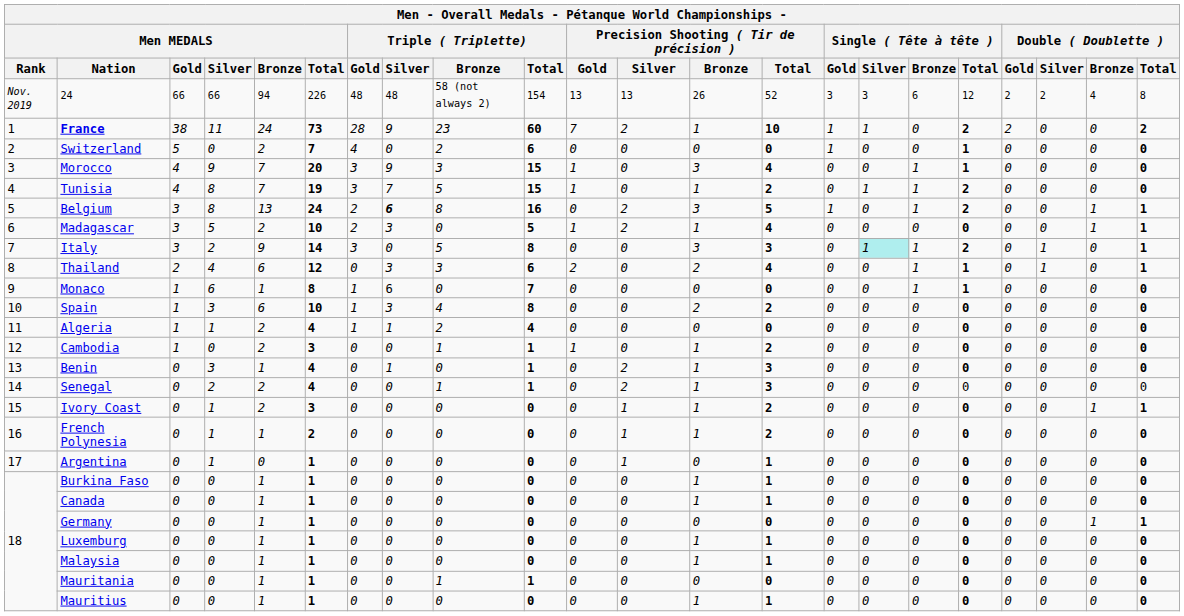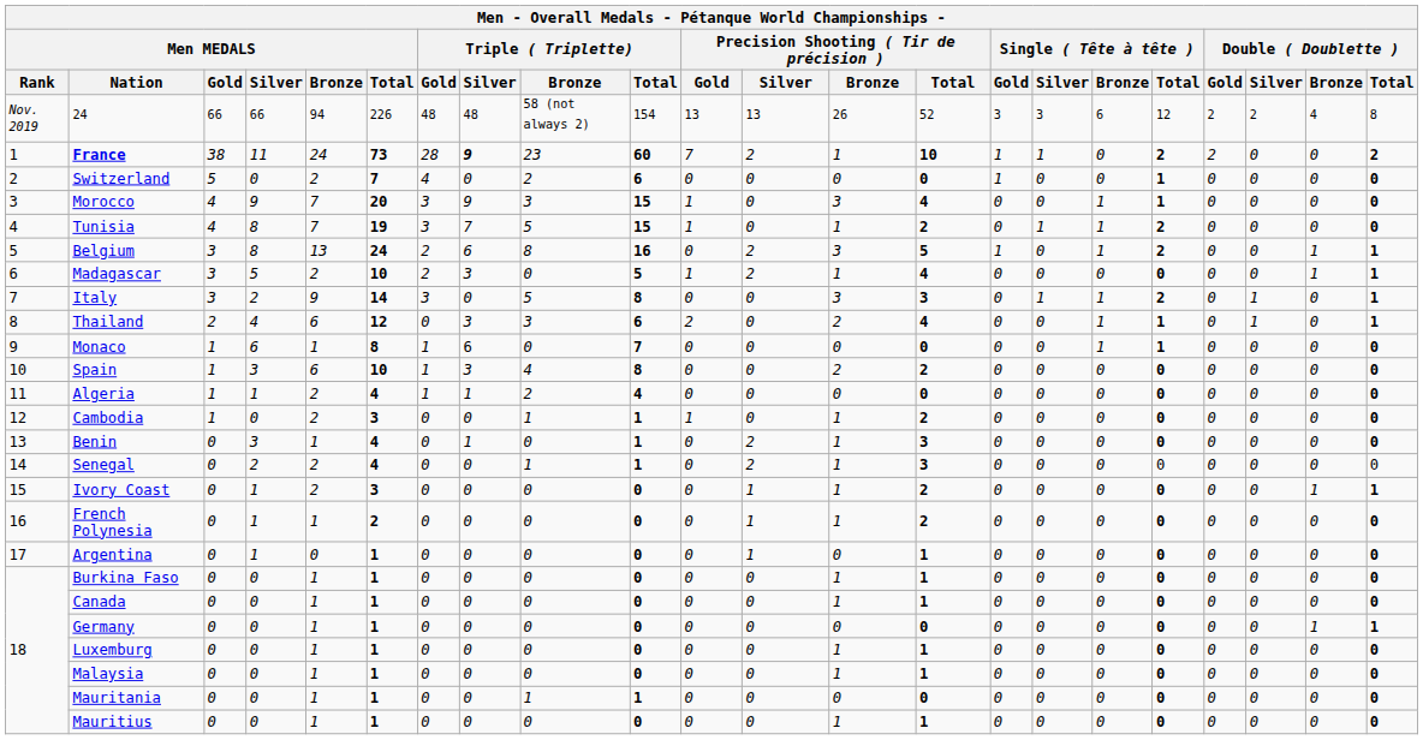 <table class="wikitable sortable">
 <tr>
 <th colspan="22">Men - Overall Medals - Pétanque World Championships -</th>
 </tr>
 <tr>
 <th colspan="6">Men MEDALS</th>
 <th colspan="4">Triple <em>( Triplette)</em></th>
 <th colspan="4">Precision Shooting <em>( Tir de précision )</em></th>
 <th colspan="4">Single <em>( Tête à tête )</em></th>
 <th colspan="4">Double <em>( Doublette )</em></th>
 </tr>
 <tr>
 <th>Rank</th>
 <th>Nation</th>
 <th>Gold<br></th>
 <th>Silver<br></th>
 <th>Bronze<br></th>
 <th>Total</th>
 <th>Gold<br></th>
 <th>Silver<br></th>
 <th>Bronze<br></th>
 <th>Total</th>
 <th>Gold<br></th>
 <th>Silver<br></th>
 <th>Bronze<br></th>
 <th>Total</th>
 <th>Gold<br></th>
 <th>Silver<br></th>
 <th>Bronze<br></th>
 <th>Total</th>
 <th>Gold<br></th>
 <th>Silver<br></th>
 <th>Bronze<br></th>
 <th>Total</th>
 </tr>
 <tr>
 <td><em><small>Nov. 2019</small></em></td>
 <td><sup>24</sup></td>
 <td><sup>66</sup></td>
 <td><sup>66</sup></td>
 <td><sup>94</sup></td>
 <td><sup>226</sup></td>
 <td><sup>48</sup></td>
 <td><sup>48</sup></td>
 <td><sup>58 (not always 2)</sup></td>
 <td><sup>154</sup></td>
 <td><sup>13</sup></td>
 <td><sup>13</sup></td>
 <td><sup>26</sup></td>
 <td><sup>52</sup></td>
 <td><sup>3</sup></td>
 <td><sup>3</sup></td>
 <td><sup>6</sup></td>
 <td><sup>12</sup></td>
 <td><sup>2</sup></td>
 <td><sup>2</sup></td>
 <td><sup>4</sup></td>
 <td><sup>8</sup></td>
 </tr>
 <tr>
 <td>1</td>
 <td> <strong><a href='#'>France</a></strong></td>
 <td><em>38</em></td>
 <td><em>11</em></td>
 <td><em>24</em></td>
 <td><strong>73</strong></td>
 <td><em>28</em></td>
-<td><em>9</em></td>
+<td><strong><em>9</em></strong></td>
 <td><em>23</em></td>
 <td><strong>60</strong></td>
 <td><em>7</em></td>
 <td><em>2</em></td>
 <td><em>1</em></td>
 <td><strong>10</strong></td>
 <td><em>1</em></td>
 <td><em>1</em></td>
 <td><em>0</em></td>
 <td><strong>2</strong></td>
 <td><em>2</em></td>
 <td><em>0</em></td>
 <td><em>0</em></td>
 <td><strong>2</strong></td>
 </tr>
 <tr>
 <td>2</td>
 <td> <a href='#'>Switzerland</a></td>
 <td><em>5</em></td>
 <td><em>0</em></td>
 <td><em>2</em></td>
 <td><strong>7</strong></td>
 <td><em>4</em></td>
 <td><em>0</em></td>
 <td><em>2</em></td>
 <td><strong>6</strong></td>
 <td><em>0</em></td>
 <td><em>0</em></td>
 <td><em>0</em></td>
 <td><strong>0</strong></td>
 <td><em>1</em></td>
 <td><em>0</em></td>
 <td><em>0</em></td>
 <td><strong>1</strong></td>
 <td><em>0</em></td>
 <td><em>0</em></td>
 <td><em>0</em></td>
 <td><strong>0</strong></td>
 </tr>
 <tr>
 <td>3</td>
 <td> <a href='#'>Morocco</a></td>
 <td><em>4</em></td>
 <td><em>9</em></td>
 <td><em>7</em></td>
 <td><strong>20</strong></td>
 <td><em>3</em></td>
 <td><em>9</em></td>
 <td><em>3</em></td>
 <td><strong>15</strong></td>
 <td><em>1</em></td>
 <td><em>0</em></td>
 <td><em>3</em></td>
 <td><strong>4</strong></td>
 <td><em>0</em></td>
 <td><em>0</em></td>
 <td><em>1</em></td>
 <td><strong>1</strong></td>
 <td><em>0</em></td>
 <td><em>0</em></td>
 <td><em>0</em></td>
 <td><strong>0</strong></td>
 </tr>
 <tr>
 <td>4</td>
 <td> <a href='#'>Tunisia</a></td>
 <td><em>4</em></td>
 <td><em>8</em></td>
 <td><em>7</em></td>
 <td><strong>19</strong></td>
 <td><em>3</em></td>
 <td><em>7</em></td>
 <td><em>5</em></td>
 <td><strong>15</strong></td>
 <td><em>1</em></td>
 <td><em>0</em></td>
 <td><em>1</em></td>
 <td><strong>2</strong></td>
 <td><em>0</em></td>
 <td><em>1</em></td>
 <td><em>1</em></td>
 <td><strong>2</strong></td>
 <td><em>0</em></td>
 <td><em>0</em></td>
 <td><em>0</em></td>
 <td><strong>0</strong></td>
 </tr>
 <tr>
 <td>5</td>
 <td> <a href='#'>Belgium</a></td>
 <td><em>3</em></td>
 <td><em>8</em></td>
 <td><em>13</em></td>
 <td><strong>24</strong></td>
 <td><em>2</em></td>
-<td><strong><em>6</em></strong></td>
+<td><em>6</em></td>
 <td><em>8</em></td>
 <td><strong>16</strong></td>
 <td><em>0</em></td>
 <td><em>2</em></td>
 <td><em>3</em></td>
 <td><strong>5</strong></td>
 <td><em>1</em></td>
 <td><em>0</em></td>
 <td><em>1</em></td>
 <td><strong>2</strong></td>
 <td><em>0</em></td>
 <td><em>0</em></td>
 <td><em>1</em></td>
 <td><strong>1</strong></td>
 </tr>
 <tr>
 <td>6</td>
 <td> <a href='#'>Madagascar</a></td>
 <td><em>3</em></td>
 <td><em>5</em></td>
 <td><em>2</em></td>
 <td><strong>10</strong></td>
 <td><em>2</em></td>
 <td><em>3</em></td>
 <td><em>0</em></td>
 <td><strong>5</strong></td>
 <td><em>1</em></td>
 <td><em>2</em></td>
 <td><em>1</em></td>
 <td><strong>4</strong></td>
 <td><em>0</em></td>
 <td><em>0</em></td>
 <td><em>0</em></td>
 <td><strong>0</strong></td>
 <td><em>0</em></td>
 <td><em>0</em></td>
 <td><em>1</em></td>
 <td><strong>1</strong></td>
 </tr>
 <tr>
 <td>7</td>
 <td> <a href='#'>Italy</a></td>
 <td><em>3</em></td>
 <td><em>2</em></td>
 <td><em>9</em></td>
 <td><strong>14</strong></td>
 <td><em>3</em></td>
 <td><em>0</em></td>
 <td><em>5</em></td>
 <td><strong>8</strong></td>
 <td><em>0</em></td>
 <td><em>0</em></td>
 <td><em>3</em></td>
 <td><strong>3</strong></td>
 <td><em>0</em></td>
-<td style="background: paleturquoise;"><em>1</em></td>
+<td><em>1</em></td>
 <td><em>1</em></td>
 <td><strong>2</strong></td>
 <td><em>0</em></td>
 <td><em>1</em></td>
 <td><em>0</em></td>
 <td><strong>1</strong></td>
 </tr>
 <tr>
 <td>8</td>
 <td> <a href='#'>Thailand</a></td>
 <td><em>2</em></td>
 <td><em>4</em></td>
 <td><em>6</em></td>
 <td><strong>12</strong></td>
 <td><em>0</em></td>
 <td><em>3</em></td>
 <td><em>3</em></td>
 <td><strong>6</strong></td>
 <td><em>2</em></td>
 <td><em>0</em></td>
 <td><em>2</em></td>
 <td><strong>4</strong></td>
 <td><em>0</em></td>
 <td><em>0</em></td>
 <td><em>1</em></td>
 <td><strong>1</strong></td>
 <td><em>0</em></td>
 <td><em>1</em></td>
 <td><em>0</em></td>
 <td><strong>1</strong></td>
 </tr>
 <tr>
 <td>9</td>
 <td> <a href='#'>Monaco</a></td>
 <td><em>1</em></td>
 <td><em>6</em></td>
 <td><em>1</em></td>
 <td><strong>8</strong></td>
 <td><em>1</em></td>
 <td>6</td>
 <td><em>0</em></td>
 <td><strong>7</strong></td>
 <td><em>0</em></td>
 <td><em>0</em></td>
 <td><em>0</em></td>
 <td><strong>0</strong></td>
 <td><em>0</em></td>
 <td><em>0</em></td>
 <td><em>1</em></td>
 <td><strong>1</strong></td>
 <td><em>0</em></td>
 <td><em>0</em></td>
 <td><em>0</em></td>
 <td><strong>0</strong></td>
 </tr>
 <tr>
 <td>10</td>
 <td> <a href='#'>Spain</a></td>
 <td><em>1</em></td>
 <td><em>3</em></td>
 <td><em>6</em></td>
 <td><strong>10</strong></td>
 <td><em>1</em></td>
 <td><em>3</em></td>
 <td><em>4</em></td>
 <td><strong>8</strong></td>
 <td><em>0</em></td>
 <td><em>0</em></td>
 <td><em>2</em></td>
 <td><strong>2</strong></td>
 <td><em>0</em></td>
 <td><em>0</em></td>
 <td><em>0</em></td>
 <td><strong>0</strong></td>
 <td><em>0</em></td>
 <td><em>0</em></td>
 <td><em>0</em></td>
 <td><strong>0</strong></td>
 </tr>
 <tr>
 <td>11</td>
 <td> <a href='#'>Algeria</a></td>
 <td><em>1</em></td>
 <td><em>1</em></td>
 <td><em>2</em></td>
 <td><strong>4</strong></td>
 <td><em>1</em></td>
 <td><em>1</em></td>
 <td><em>2</em></td>
 <td><strong>4</strong></td>
 <td><em>0</em></td>
 <td><em>0</em></td>
 <td><em>0</em></td>
 <td><strong>0</strong></td>
 <td><em>0</em></td>
 <td><em>0</em></td>
 <td><em>0</em></td>
 <td><strong>0</strong></td>
 <td><em>0</em></td>
 <td><em>0</em></td>
 <td><em>0</em></td>
 <td><strong>0</strong></td>
 </tr>
 <tr>
 <td>12</td>
 <td> <a href='#'>Cambodia</a></td>
 <td><em>1</em></td>
 <td><em>0</em></td>
 <td><em>2</em></td>
 <td><strong>3</strong></td>
 <td><em>0</em></td>
 <td><em>0</em></td>
 <td><em>1</em></td>
 <td><strong>1</strong></td>
 <td><em>1</em></td>
 <td><em>0</em></td>
 <td><em>1</em></td>
 <td><strong>2</strong></td>
 <td><em>0</em></td>
 <td><em>0</em></td>
 <td><em>0</em></td>
 <td><strong>0</strong></td>
 <td><em>0</em></td>
 <td><em>0</em></td>
 <td><em>0</em></td>
 <td><strong>0</strong></td>
 </tr>
 <tr>
 <td>13</td>
 <td> <a href='#'>Benin</a></td>
 <td><em>0</em></td>
 <td><em>3</em></td>
 <td><em>1</em></td>
 <td><strong>4</strong></td>
 <td><em>0</em></td>
 <td><em>1</em></td>
 <td><em>0</em></td>
 <td><strong>1</strong></td>
 <td><em>0</em></td>
 <td><em>2</em></td>
 <td><em>1</em></td>
 <td><strong>3</strong></td>
 <td><em>0</em></td>
 <td><em>0</em></td>
 <td><em>0</em></td>
 <td><strong>0</strong></td>
 <td><em>0</em></td>
 <td><em>0</em></td>
 <td><em>0</em></td>
 <td><strong>0</strong></td>
 </tr>
 <tr>
 <td>14</td>
 <td> <a href='#'>Senegal</a></td>
 <td><em>0</em></td>
 <td><em>2</em></td>
 <td><em>2</em></td>
 <td><strong>4</strong></td>
 <td><em>0</em></td>
 <td><em>0</em></td>
 <td><em>1</em></td>
 <td><strong>1</strong></td>
 <td><em>0</em></td>
 <td><em>2</em></td>
 <td><em>1</em></td>
 <td><strong>3</strong></td>
 <td><em>0</em></td>
 <td><em>0</em></td>
 <td><em>0</em></td>
 <td>0</td>
 <td><em>0</em></td>
 <td><em>0</em></td>
 <td><em>0</em></td>
 <td>0</td>
 </tr>
 <tr>
 <td>15</td>
 <td><em></em> <a href='#'>Ivory Coast</a></td>
 <td><em>0</em></td>
 <td><em>1</em></td>
 <td><em>2</em></td>
 <td><strong>3</strong></td>
 <td><em>0</em></td>
 <td><em>0</em></td>
 <td><em>0</em></td>
 <td><strong>0</strong></td>
 <td><em>0</em></td>
 <td><em>1</em></td>
 <td><em>1</em></td>
 <td><strong>2</strong></td>
 <td><em>0</em></td>
 <td><em>0</em></td>
 <td><em>0</em></td>
 <td><strong>0</strong></td>
 <td><em>0</em></td>
 <td><em>0</em></td>
 <td><em>1</em></td>
 <td><strong>1</strong></td>
 </tr>
 <tr>
 <td>16</td>
 <td> <a href='#'>French Polynesia</a></td>
 <td><em>0</em></td>
 <td><em>1</em></td>
 <td><em>1</em></td>
 <td><strong>2</strong></td>
 <td><em>0</em></td>
 <td><em>0</em></td>
 <td><em>0</em></td>
 <td><strong>0</strong></td>
 <td><em>0</em></td>
 <td><em>1</em></td>
 <td><em>1</em></td>
 <td><strong>2</strong></td>
 <td><em>0</em></td>
 <td><em>0</em></td>
 <td><em>0</em></td>
 <td><strong>0</strong></td>
 <td><em>0</em></td>
 <td><em>0</em></td>
 <td><em>0</em></td>
 <td><strong>0</strong></td>
 </tr>
 <tr>
 <td>17</td>
 <td> <a href='#'>Argentina</a></td>
 <td><em>0</em></td>
 <td><em>1</em></td>
 <td><em>0</em></td>
 <td><strong>1</strong></td>
 <td><em>0</em></td>
 <td><em>0</em></td>
 <td><em>0</em></td>
 <td><strong>0</strong></td>
 <td><em>0</em></td>
 <td><em>1</em></td>
 <td><em>0</em></td>
 <td><strong>1</strong></td>
 <td><em>0</em></td>
 <td><em>0</em></td>
 <td><em>0</em></td>
 <td><strong>0</strong></td>
 <td><em>0</em></td>
 <td><em>0</em></td>
 <td><em>0</em></td>
 <td><strong>0</strong></td>
 </tr>
 <tr>
 <td rowspan="7">18</td>
 <td> <a href='#'>Burkina Faso</a></td>
 <td><em>0</em></td>
 <td><em>0</em></td>
 <td><em>1</em></td>
 <td><strong>1</strong></td>
 <td><em>0</em></td>
 <td><em>0</em></td>
 <td><em>0</em></td>
 <td><strong>0</strong></td>
 <td><em>0</em></td>
 <td><em>0</em></td>
 <td><em>1</em></td>
 <td><strong>1</strong></td>
 <td><em>0</em></td>
 <td><em>0</em></td>
 <td><em>0</em></td>
 <td><strong>0</strong></td>
 <td><em>0</em></td>
 <td><em>0</em></td>
 <td><em>0</em></td>
 <td><strong>0</strong></td>
 </tr>
 <tr>
 <td> <a href='#'>Canada</a></td>
 <td><em>0</em></td>
 <td><em>0</em></td>
 <td><em>1</em></td>
 <td><strong>1</strong></td>
 <td><em>0</em></td>
 <td><em>0</em></td>
 <td><em>0</em></td>
 <td><strong>0</strong></td>
 <td><em>0</em></td>
 <td><em>0</em></td>
 <td><em>1</em></td>
 <td><strong>1</strong></td>
 <td><em>0</em></td>
 <td><em>0</em></td>
 <td><em>0</em></td>
 <td><strong>0</strong></td>
 <td><em>0</em></td>
 <td><em>0</em></td>
 <td><em>0</em></td>
 <td><strong>0</strong></td>
 </tr>
 <tr>
 <td> <a href='#'>Germany</a><em> </em></td>
 <td><em>0</em></td>
 <td><em>0</em></td>
 <td><em>1</em></td>
 <td><strong>1</strong></td>
 <td><em>0</em></td>
 <td><em>0</em></td>
 <td><em>0</em></td>
 <td><strong>0</strong></td>
 <td><em>0</em></td>
 <td><em>0</em></td>
 <td><em>0</em></td>
 <td><strong>0</strong></td>
 <td><em>0</em></td>
 <td><em>0</em></td>
 <td><em>0</em></td>
 <td><strong>0</strong></td>
 <td><em>0</em></td>
 <td><em>0</em></td>
 <td><em>1</em></td>
 <td><strong>1</strong></td>
 </tr>
 <tr>
 <td> <a href='#'>Luxemburg</a></td>
 <td><em>0</em></td>
 <td><em>0</em></td>
 <td><em>1</em></td>
 <td><strong>1</strong></td>
 <td><em>0</em></td>
 <td><em>0</em></td>
 <td><em>0</em></td>
 <td><strong>0</strong></td>
 <td><em>0</em></td>
 <td><em>0</em></td>
 <td><em>1</em></td>
 <td><strong>1</strong></td>
 <td><em>0</em></td>
 <td><em>0</em></td>
 <td><em>0</em></td>
 <td><strong>0</strong></td>
 <td><em>0</em></td>
 <td><em>0</em></td>
 <td><em>0</em></td>
 <td><strong>0</strong></td>
 </tr>
 <tr>
 <td> <a href='#'>Malaysia</a></td>
 <td><em>0</em></td>
 <td><em>0</em></td>
 <td><em>1</em></td>
 <td><strong>1</strong></td>
 <td><em>0</em></td>
 <td><em>0</em></td>
 <td><em>0</em></td>
 <td><strong>0</strong></td>
 <td><em>0</em></td>
 <td><em>0</em></td>
 <td><em>1</em></td>
 <td><strong>1</strong></td>
 <td><em>0</em></td>
 <td><em>0</em></td>
 <td><em>0</em></td>
 <td><strong>0</strong></td>
 <td><em>0</em></td>
 <td><em>0</em></td>
 <td><em>0</em></td>
 <td><strong>0</strong></td>
 </tr>
 <tr>
 <td> <a href='#'>Mauritania</a></td>
 <td><em>0</em></td>
 <td><em>0</em></td>
 <td><em>1</em></td>
 <td><strong>1</strong></td>
 <td><em>0</em></td>
 <td><em>0</em></td>
 <td><em>1</em></td>
 <td><strong>1</strong></td>
 <td><em>0</em></td>
 <td><em>0</em></td>
 <td><em>0</em></td>
 <td><strong>0</strong></td>
 <td><em>0</em></td>
 <td><em>0</em></td>
 <td><em>0</em></td>
 <td><strong>0</strong></td>
 <td><em>0</em></td>
 <td><em>0</em></td>
 <td><em>0</em></td>
 <td><strong>0</strong></td>
 </tr>
 <tr>
 <td> <a href='#'>Mauritius</a></td>
 <td><em>0</em></td>
 <td><em>0</em></td>
 <td><em>1</em></td>
 <td><strong>1</strong></td>
 <td><em>0</em></td>
 <td><em>0</em></td>
 <td><em>0</em></td>
 <td><strong>0</strong></td>
 <td><em>0</em></td>
 <td><em>0</em></td>
 <td><em>1</em></td>
 <td><strong>1</strong></td>
 <td><em>0</em></td>
 <td><em>0</em></td>
 <td><em>0</em></td>
 <td><strong>0</strong></td>
 <td><em>0</em></td>
 <td><em>0</em></td>
 <td><em>0</em></td>
 <td><strong>0</strong></td>
 </tr>
 </table>
